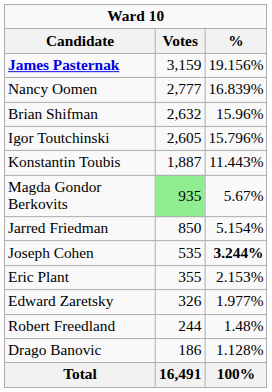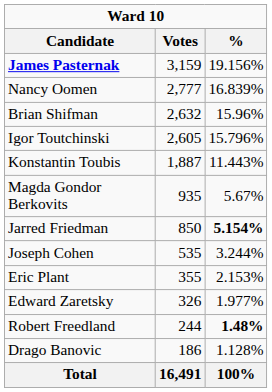 <table class="wikitable">
 <tr>
 <td Colspan="3" align="center"><strong>Ward 10</strong></td>
 </tr>
 <tr>
 <th bgcolor="#DDDDFF" width="150px">Candidate</th>
 <th bgcolor="#DDDDFF">Votes</th>
 <th bgcolor="#DDDDFF">%</th>
 </tr>
 <tr>
 <td><strong><a href='#'>James Pasternak</a></strong></td>
 <td align=right>3,159</td>
 <td align=right>19.156%</td>
 </tr>
 <tr>
 <td>Nancy Oomen</td>
 <td align=right>2,777</td>
 <td align=right>16.839%</td>
 </tr>
 <tr>
 <td>Brian Shifman</td>
 <td align=right>2,632</td>
 <td align=right>15.96%</td>
 </tr>
 <tr>
 <td>Igor Toutchinski</td>
 <td align=right>2,605</td>
 <td align=right>15.796%</td>
 </tr>
 <tr>
 <td>Konstantin Toubis</td>
 <td align=right>1,887</td>
 <td align=right>11.443%</td>
 </tr>
 <tr>
 <td>Magda Gondor Berkovits</td>
-<td align=right style="background: lightgreen;">935</td>
+<td align=right>935</td>
 <td align=right>5.67%</td>
 </tr>
 <tr>
 <td>Jarred Friedman</td>
 <td align=right>850</td>
-<td align=right>5.154%</td>
+<td align=right><strong>5.154%</strong></td>
 </tr>
 <tr>
 <td>Joseph Cohen</td>
 <td align=right>535</td>
-<td align=right><strong>3.244%</strong></td>
+<td align=right>3.244%</td>
 </tr>
 <tr>
 <td>Eric Plant</td>
 <td align=right>355</td>
 <td align=right>2.153%</td>
 </tr>
 <tr>
 <td>Edward Zaretsky</td>
 <td align=right>326</td>
 <td align=right>1.977%</td>
 </tr>
 <tr>
 <td>Robert Freedland</td>
 <td align=right>244</td>
-<td align=right>1.48%</td>
+<td align=right><strong>1.48%</strong></td>
 </tr>
 <tr>
 <td>Drago Banovic</td>
 <td align=right>186</td>
 <td align=right>1.128%</td>
 </tr>
 <tr>
 <th>Total</th>
 <th align=right>16,491</th>
 <th align=right>100%</th>
 </tr>
 </table>
